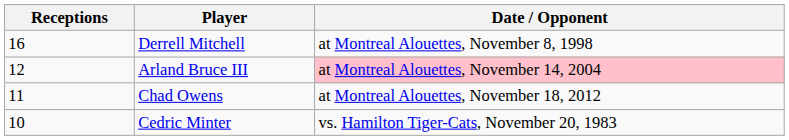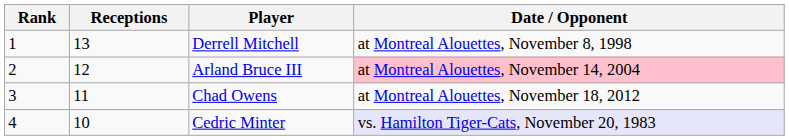 <table class="wikitable" style="width:60%;">
 <tr>
+<th>Rank</th>
 <th>Receptions</th>
 <th>Player</th>
 <th>Date / Opponent</th>
 </tr>
 <tr>
-<td>16</td>
+<td>1</td>
+<td>13</td>
 <td><a href='#'>Derrell Mitchell</a></td>
 <td>at <a href='#'>Montreal Alouettes</a>, November 8, 1998</td>
 </tr>
 <tr>
+<td>2</td>
 <td>12</td>
 <td><a href='#'>Arland Bruce III</a></td>
 <td style="background: pink;">at <a href='#'>Montreal Alouettes</a>, November 14, 2004</td>
 </tr>
 <tr>
+<td>3</td>
 <td>11</td>
 <td><a href='#'>Chad Owens</a></td>
 <td>at <a href='#'>Montreal Alouettes</a>, November 18, 2012</td>
 </tr>
 <tr>
+<td>4</td>
 <td>10</td>
 <td><a href='#'>Cedric Minter</a></td>
-<td>vs. <a href='#'>Hamilton Tiger-Cats</a>, November 20, 1983</td>
+<td style="background: lavender;">vs. <a href='#'>Hamilton Tiger-Cats</a>, November 20, 1983</td>
 </tr>
 </table>
